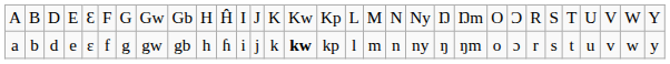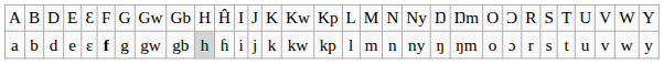 <table class="wikitable" style="text-align: center;">
 <tr>
 <td>A</td>
 <td>B</td>
 <td>D</td>
 <td>E</td>
 <td>Ɛ</td>
 <td>F</td>
 <td>G</td>
 <td>Gw</td>
 <td>Gb</td>
 <td>H</td>
 <td>Ĥ</td>
 <td>I</td>
 <td>J</td>
 <td>K</td>
 <td>Kw</td>
 <td>Kp</td>
 <td>L</td>
 <td>M</td>
 <td>N</td>
 <td>Ny</td>
 <td>Ŋ</td>
 <td>Ŋm</td>
 <td>O</td>
 <td>Ɔ</td>
 <td>R</td>
 <td>S</td>
 <td>T</td>
 <td>U</td>
 <td>V</td>
 <td>W</td>
 <td>Y</td>
 </tr>
 <tr>
 <td>a</td>
 <td>b</td>
 <td>d</td>
 <td>e</td>
 <td>ɛ</td>
-<td>f</td>
+<td><strong>f</strong></td>
 <td>g</td>
 <td>gw</td>
 <td>gb</td>
-<td>h</td>
+<td style="background: lightgrey;">h</td>
 <td>ɦ</td>
 <td>i</td>
 <td>j</td>
 <td>k</td>
-<td><strong>kw</strong></td>
+<td>kw</td>
 <td>kp</td>
 <td>l</td>
 <td>m</td>
 <td>n</td>
 <td>ny</td>
 <td>ŋ</td>
 <td>ŋm</td>
 <td>o</td>
 <td>ɔ</td>
 <td>r</td>
 <td>s</td>
 <td>t</td>
 <td>u</td>
 <td>v</td>
 <td>w</td>
 <td>y</td>
 </tr>
 </table>
